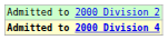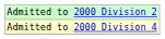 <table class="wikitable">
 <tr width=10px bgcolor="#ccffcc">
 <td>Admitted to <a href='#'>2000 Division 2</a></td>
 </tr>
 <tr width=10px bgcolor="#ffffcc">
-<td><strong>Admitted to <a href='#'>2000 Division 4</a></strong></td>
+<td>Admitted to <a href='#'>2000 Division 4</a></td>
 </tr>
 <tr>
 </tr>
 </table>
